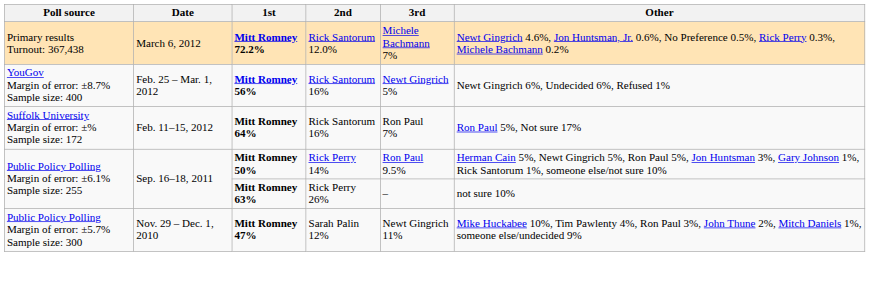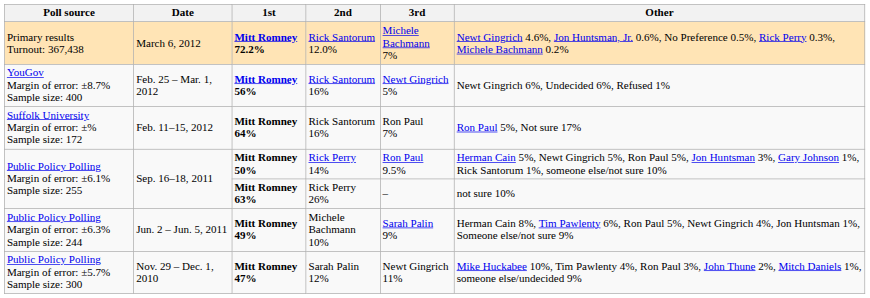 <table class="wikitable">
 <tr>
 <th style="width:180px;">Poll source</th>
 <th style="width:135px;">Date</th>
 <th style="width:100px;">1st</th>
 <th style="width:100px;">2nd</th>
 <th style="width:100px;">3rd</th>
 <th>Other</th>
 </tr>
 <tr style="background:Moccasin;">
 <td>Primary results<br>Turnout: 367,438</td>
 <td>March 6, 2012</td>
 <td><strong><a href='#'>Mitt Romney</a> 72.2% </strong></td>
 <td><a href='#'>Rick Santorum</a><br>12.0%</td>
 <td><a href='#'>Michele Bachmann</a><br>7%</td>
 <td><a href='#'>Newt Gingrich</a> 4.6%, <a href='#'>Jon Huntsman, Jr.</a> 0.6%, No Preference 0.5%, <a href='#'>Rick Perry</a> 0.3%, <a href='#'>Michele Bachmann</a> 0.2%</td>
 </tr>
 <tr>
 <td><a href='#'>YouGov</a><br>Margin of error: ±8.7% <br>Sample size: 400</td>
 <td rowspan=1>Feb. 25 – Mar. 1, 2012</td>
 <td><strong><a href='#'>Mitt Romney</a><br>56%</strong></td>
 <td><a href='#'>Rick Santorum</a><br>16%</td>
 <td><a href='#'>Newt Gingrich</a><br>5%</td>
 <td>Newt Gingrich 6%, Undecided 6%, Refused 1%</td>
 </tr>
 <tr>
 <td><a href='#'>Suffolk University</a><br>Margin of error: ±% <br>Sample size: 172</td>
 <td rowspan=1>Feb. 11–15, 2012</td>
 <td><strong>Mitt Romney<br>64%</strong></td>
 <td>Rick Santorum<br>16%</td>
 <td>Ron Paul<br>7%</td>
 <td><a href='#'>Ron Paul</a> 5%, Not sure 17%</td>
 </tr>
 <tr>
 <td rowspan=2><a href='#'>Public Policy Polling</a><br>Margin of error: ±6.1% <br>Sample size: 255</td>
 <td rowspan=2>Sep. 16–18, 2011</td>
 <td><strong>Mitt Romney<br>50%</strong></td>
 <td><a href='#'>Rick Perry</a><br>14%</td>
 <td><a href='#'>Ron Paul</a><br>9.5%</td>
 <td><a href='#'>Herman Cain</a> 5%, Newt Gingrich 5%, Ron Paul 5%, <a href='#'>Jon Huntsman</a> 3%, <a href='#'>Gary Johnson</a> 1%, Rick Santorum 1%, someone else/not sure 10%</td>
 </tr>
 <tr>
 <td><strong>Mitt Romney<br>63%</strong></td>
 <td>Rick Perry<br>26%</td>
 <td>–</td>
 <td>not sure 10%</td>
 </tr>
 <tr>
+<td><a href='#'>Public Policy Polling</a><br>Margin of error: ±6.3% <br>Sample size: 244</td>
+<td>Jun. 2 – Jun. 5, 2011</td>
+<td><strong>Mitt Romney<br>49%</strong></td>
+<td>Michele Bachmann<br>10%</td>
+<td><a href='#'>Sarah Palin</a><br>9%</td>
+<td>Herman Cain 8%, <a href='#'>Tim Pawlenty</a> 6%, Ron Paul 5%, Newt Gingrich 4%, Jon Huntsman 1%, Someone else/not sure 9%</td>
+</tr>
+<tr>
 <td><a href='#'>Public Policy Polling</a><br>Margin of error: ±5.7% <br>Sample size: 300</td>
 <td>Nov. 29 – Dec. 1, 2010</td>
 <td><strong>Mitt Romney<br>47%</strong></td>
 <td>Sarah Palin<br>12%</td>
 <td>Newt Gingrich<br>11%</td>
 <td><a href='#'>Mike Huckabee</a> 10%, Tim Pawlenty 4%, Ron Paul 3%, <a href='#'>John Thune</a> 2%, <a href='#'>Mitch Daniels</a> 1%, someone else/undecided 9%</td>
 </tr>
 </table>
